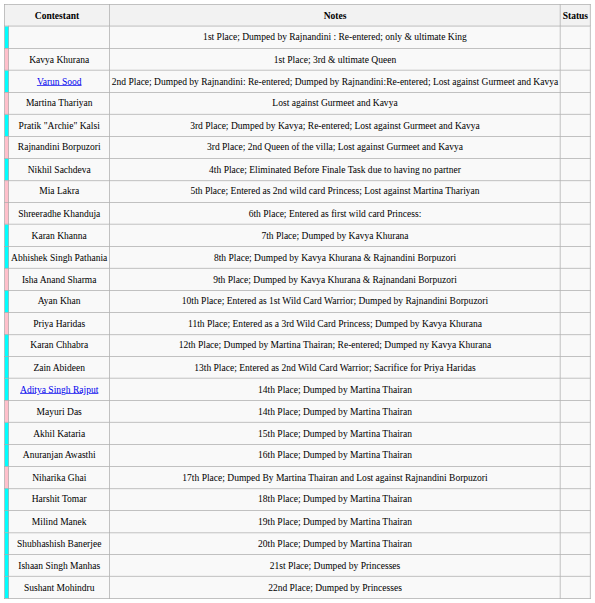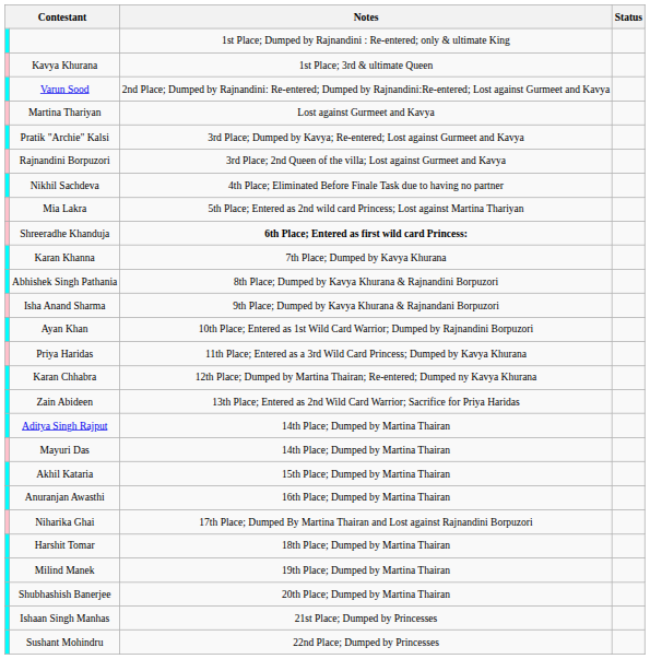 <table class="wikitable sortable" style=" text-align:center; font-size:85%;  line-height:25px; width:auto;">
 <tr>
 <th colspan="2">Contestant</th>
 <th scope="col">Notes</th>
 <th scope="col">Status</th>
 </tr>
 <tr>
 <th style="background:#00FFFF;"></th>
 <td></td>
 <td>1st Place; Dumped by Rajnandini : Re-entered; only & ultimate King</td>
 <td></td>
 </tr>
 <tr>
 <th style="background:#FFC0CB;"></th>
 <td>Kavya Khurana</td>
 <td>1st Place; 3rd & ultimate Queen</td>
 <td></td>
 </tr>
 <tr>
 <th style="background:#00FFFF;"></th>
 <td><a href='#'>Varun Sood</a></td>
 <td>2nd Place; Dumped by Rajnandini: Re-entered; Dumped by Rajnandini:Re-entered; Lost against Gurmeet and Kavya</td>
 <td></td>
 </tr>
 <tr>
 <th style="background:#FFC0CB;"></th>
 <td>Martina Thariyan</td>
 <td> Lost against Gurmeet and Kavya</td>
 <td></td>
 </tr>
 <tr>
 <th style="background:#00FFFF;"></th>
 <td>Pratik "Archie" Kalsi</td>
 <td>3rd Place; Dumped by Kavya; Re-entered; Lost against Gurmeet and Kavya</td>
 <td></td>
 </tr>
 <tr>
 <th style="background:#FFC0CB;"></th>
 <td>Rajnandini Borpuzori</td>
 <td>3rd Place; 2nd Queen of the villa; Lost against Gurmeet and Kavya</td>
 <td></td>
 </tr>
 <tr>
 <th style="background:#00FFFF;"></th>
 <td>Nikhil Sachdeva</td>
 <td>4th Place; Eliminated Before Finale Task due to having no partner</td>
 <td></td>
 </tr>
 <tr>
 <th style="background:#FFC0CB;"></th>
 <td>Mia Lakra</td>
 <td>5th Place; Entered as 2nd wild card Princess; Lost against Martina Thariyan</td>
 <td></td>
 </tr>
 <tr>
 <th style="background:#FFC0CB;"></th>
 <td>Shreeradhe Khanduja</td>
-<td>6th Place; Entered as first wild card Princess:</td>
+<td><strong>6th Place; Entered as first wild card Princess:</strong></td>
 <td></td>
 </tr>
 <tr>
 <th style="background:#00FFFF;"></th>
 <td>Karan Khanna</td>
 <td>7th Place; Dumped by Kavya Khurana</td>
 <td></td>
 </tr>
 <tr>
 <th style="background:#00FFFF;"></th>
 <td>Abhishek Singh Pathania</td>
 <td>8th Place; Dumped by Kavya Khurana & Rajnandini Borpuzori</td>
 <td></td>
 </tr>
 <tr>
 <th style="background:#FFC0CB;"></th>
 <td>Isha Anand Sharma</td>
 <td>9th Place; Dumped by Kavya Khurana & Rajnandani Borpuzori</td>
 <td></td>
 </tr>
 <tr>
 <th style="background:#00FFFF;"></th>
 <td>Ayan Khan</td>
 <td>10th Place; Entered as 1st Wild Card Warrior; Dumped by Rajnandini Borpuzori</td>
 <td></td>
 </tr>
 <tr>
 <th style="background:#FFC0CB;"></th>
 <td>Priya Haridas</td>
 <td>11th Place; Entered as a 3rd Wild Card Princess; Dumped by Kavya Khurana</td>
 <td></td>
 </tr>
 <tr>
 <th style="background:#00FFFF;"></th>
 <td>Karan Chhabra</td>
 <td>12th Place; Dumped by Martina Thairan; Re-entered; Dumped ny Kavya Khurana</td>
 <td></td>
 </tr>
 <tr>
 <th style="background:#00FFFF;"></th>
 <td>Zain Abideen</td>
 <td>13th Place; Entered as 2nd Wild Card Warrior; Sacrifice for Priya Haridas</td>
 <td></td>
 </tr>
 <tr>
 <th style="background:#00FFFF;"></th>
 <td><a href='#'>Aditya Singh Rajput</a></td>
 <td>14th Place; Dumped by Martina Thairan</td>
 <td></td>
 </tr>
 <tr>
 <th style="background:#FFC0CB;"></th>
 <td>Mayuri Das</td>
 <td>14th Place; Dumped by Martina Thairan</td>
 <td></td>
 </tr>
 <tr>
 <th style="background:#00FFFF;"></th>
 <td>Akhil Kataria</td>
 <td>15th Place; Dumped by Martina Thairan</td>
 <td></td>
 </tr>
 <tr>
 <th style="background:#00FFFF;"></th>
 <td>Anuranjan Awasthi</td>
 <td>16th Place; Dumped by Martina Thairan</td>
 <td></td>
 </tr>
 <tr>
 <th style="background:#FFC0CB;"></th>
 <td>Niharika Ghai</td>
 <td>17th Place; Dumped By Martina Thairan and Lost against Rajnandini Borpuzori</td>
 <td></td>
 </tr>
 <tr>
 <th style="background:#00FFFF;"></th>
 <td>Harshit Tomar</td>
 <td>18th Place; Dumped by Martina Thairan</td>
 <td></td>
 </tr>
 <tr>
 <th style="background:#00FFFF;"></th>
 <td>Milind Manek</td>
 <td>19th Place; Dumped by Martina Thairan</td>
 <td></td>
 </tr>
 <tr>
 <th style="background:#00FFFF;"></th>
 <td>Shubhashish Banerjee</td>
 <td>20th Place; Dumped by Martina Thairan</td>
 <td></td>
 </tr>
 <tr>
 <th style="background:#00FFFF;"></th>
 <td>Ishaan Singh Manhas</td>
 <td>21st Place; Dumped by Princesses</td>
 <td></td>
 </tr>
 <tr>
 <th style="background:#00FFFF;"></th>
 <td>Sushant Mohindru</td>
 <td>22nd Place; Dumped by Princesses</td>
 <td></td>
 </tr>
 </table>
